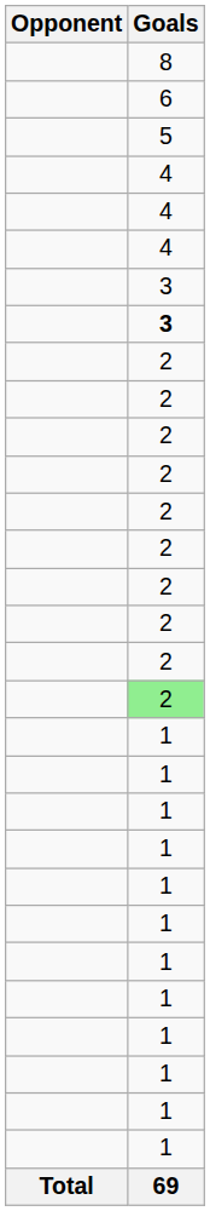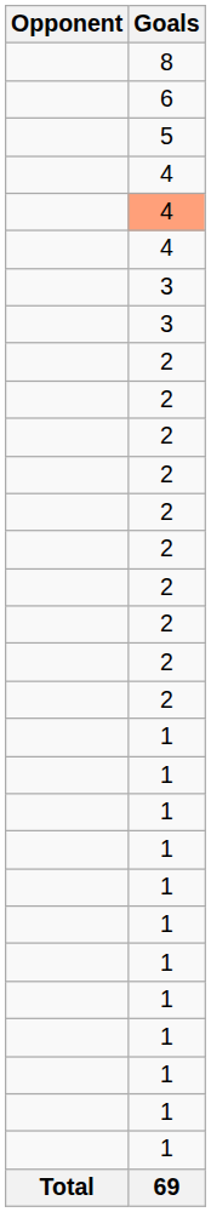 <table class="wikitable sortable">
 <tr>
 <th>Opponent</th>
 <th>Goals</th>
 </tr>
 <tr>
 <td></td>
 <td align=center>8</td>
 </tr>
 <tr>
 <td></td>
 <td align=center>6</td>
 </tr>
 <tr>
 <td></td>
 <td align=center>5</td>
 </tr>
 <tr>
 <td></td>
 <td align=center>4</td>
 </tr>
 <tr>
 <td></td>
-<td align=center>4</td>
+<td align=center style="background: lightsalmon;">4</td>
 </tr>
 <tr>
 <td></td>
 <td align=center>4</td>
 </tr>
 <tr>
 <td></td>
 <td align=center>3</td>
 </tr>
 <tr>
 <td></td>
-<td align=center><strong>3</strong></td>
+<td align=center>3</td>
 </tr>
 <tr>
 <td></td>
 <td align=center>2</td>
 </tr>
 <tr>
 <td></td>
 <td align=center>2</td>
 </tr>
 <tr>
 <td></td>
 <td align=center>2</td>
 </tr>
 <tr>
 <td></td>
 <td align=center>2</td>
 </tr>
 <tr>
 <td></td>
 <td align=center>2</td>
 </tr>
 <tr>
 <td></td>
 <td align=center>2</td>
 </tr>
 <tr>
 <td></td>
 <td align=center>2</td>
 </tr>
 <tr>
 <td></td>
 <td align=center>2</td>
 </tr>
 <tr>
 <td></td>
 <td align=center>2</td>
 </tr>
 <tr>
 <td></td>
-<td align=center style="background: lightgreen;">2</td>
+<td align=center>2</td>
 </tr>
 <tr>
 <td></td>
 <td align=center>1</td>
 </tr>
 <tr>
 <td></td>
 <td align=center>1</td>
 </tr>
 <tr>
 <td></td>
 <td align=center>1</td>
 </tr>
 <tr>
 <td></td>
 <td align=center>1</td>
 </tr>
 <tr>
 <td></td>
 <td align=center>1</td>
 </tr>
 <tr>
 <td></td>
 <td align=center>1</td>
 </tr>
 <tr>
 <td></td>
 <td align=center>1</td>
 </tr>
 <tr>
 <td></td>
 <td align=center>1</td>
 </tr>
 <tr>
 <td></td>
 <td align=center>1</td>
 </tr>
 <tr>
 <td></td>
 <td align=center>1</td>
 </tr>
 <tr>
 <td></td>
 <td align=center>1</td>
 </tr>
 <tr>
 <td></td>
 <td align=center>1</td>
 </tr>
 <tr>
 <th scope=row>Total</th>
 <th>69</th>
 </tr>
 </table>
